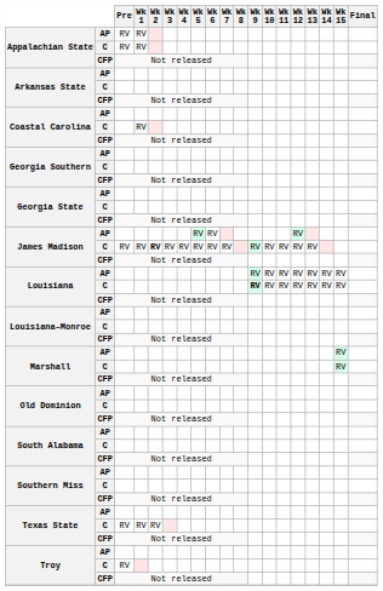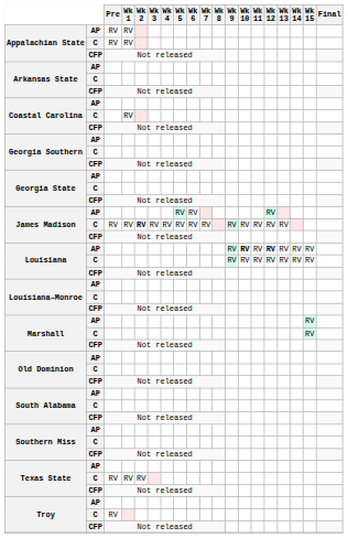 <table class="wikitable" style="white-space:nowrap;font-size:85%;">
 <tr>
 <th colspan=2 style="background:white; border-top-style:hidden; border-left-style:hidden;"> </th>
 <th>Pre</th>
 <th>Wk<br>1</th>
 <th>Wk<br>2</th>
 <th>Wk<br>3</th>
 <th>Wk<br>4</th>
 <th>Wk<br>5</th>
 <th>Wk<br>6</th>
 <th>Wk<br>7</th>
 <th>Wk<br>8</th>
 <th>Wk<br>9</th>
 <th>Wk<br>10</th>
 <th>Wk<br>11</th>
 <th>Wk<br>12</th>
 <th>Wk<br>13</th>
 <th>Wk<br>14</th>
 <th>Wk<br>15</th>
 <th>Final</th>
 </tr>
 <tr style="text-align:center;">
 <th rowspan="3">Appalachian State</th>
 <th>AP</th>
 <td style="background:#FFF;">RV</td>
 <td style="background:#FFF;">RV</td>
 <td style="background:#ffe6e6;"></td>
 <td style="background:#FFF;"></td>
 <td style="background:#FFF;"></td>
 <td style="background:#FFF;"></td>
 <td style="background:#FFF;"></td>
 <td style="background:#FFF;"></td>
 <td style="background:#FFF;"></td>
 <td style="background:#FFF;"></td>
 <td style="background:#FFF;"></td>
 <td style="background:#FFF;"></td>
 <td style="background:#FFF;"></td>
 <td style="background:#FFF;"></td>
 <td style="background:#FFF;"></td>
 <td style="background:#FFF;"></td>
 <td style="background:#FFF;"></td>
 </tr>
 <tr style="text-align:center;">
 <th>C</th>
 <td style="background:#FFF;">RV</td>
 <td style="background:#FFF;">RV</td>
 <td style="background:#ffe6e6;"></td>
 <td style="background:#FFF;"></td>
 <td style="background:#FFF;"></td>
 <td style="background:#FFF;"></td>
 <td style="background:#FFF;"></td>
 <td style="background:#FFF;"></td>
 <td style="background:#FFF;"></td>
 <td style="background:#FFF;"></td>
 <td style="background:#FFF;"></td>
 <td style="background:#FFF;"></td>
 <td style="background:#FFF;"></td>
 <td style="background:#FFF;"></td>
 <td style="background:#FFF;"></td>
 <td style="background:#FFF;"></td>
 <td style="background:#FFF;"></td>
 </tr>
 <tr style="text-align:center;">
 <th>CFP</th>
 <td colspan="9" style="text-align:center;">Not released</td>
 <td style="background:#FFF;"></td>
 <td style="background:#FFF;"></td>
 <td style="background:#FFF;"></td>
 <td style="background:#FFF;"></td>
 <td style="background:#FFF;"></td>
 <td style="background:#FFF;"></td>
 <td style="background:#FFF;"></td>
 <td style="text-align:center;"></td>
 </tr>
 <tr style="text-align:center;">
 <th rowspan="3">Arkansas State</th>
 <th>AP</th>
 <td style="background:#FFF;"></td>
 <td style="background:#FFF;"></td>
 <td style="background:#FFF;"></td>
 <td style="background:#FFF;"></td>
 <td style="background:#FFF;"></td>
 <td style="background:#FFF;"></td>
 <td style="background:#FFF;"></td>
 <td style="background:#FFF;"></td>
 <td style="background:#FFF;"></td>
 <td style="background:#FFF;"></td>
 <td style="background:#FFF;"></td>
 <td style="background:#FFF;"></td>
 <td style="background:#FFF;"></td>
 <td style="background:#FFF;"></td>
 <td style="background:#FFF;"></td>
 <td style="background:#FFF;"></td>
 <td style="background:#FFF;"></td>
 </tr>
 <tr style="text-align:center;">
 <th>C</th>
 <td style="background:#FFF;"></td>
 <td style="background:#FFF;"></td>
 <td style="background:#FFF;"></td>
 <td style="background:#FFF;"></td>
 <td style="background:#FFF;"></td>
 <td style="background:#FFF;"></td>
 <td style="background:#FFF;"></td>
 <td style="background:#FFF;"></td>
 <td style="background:#FFF;"></td>
 <td style="background:#FFF;"></td>
 <td style="background:#FFF;"></td>
 <td style="background:#FFF;"></td>
 <td style="background:#FFF;"></td>
 <td style="background:#FFF;"></td>
 <td style="background:#FFF;"></td>
 <td style="background:#FFF;"></td>
 <td style="background:#FFF;"></td>
 </tr>
 <tr style="text-align:center;">
 <th>CFP</th>
 <td colspan="9" style="text-align:center;">Not released</td>
 <td style="background:#FFF;"></td>
 <td style="background:#FFF;"></td>
 <td style="background:#FFF;"></td>
 <td style="background:#FFF;"></td>
 <td style="background:#FFF;"></td>
 <td style="background:#FFF;"></td>
 <td style="background:#FFF;"></td>
 <td style="text-align:center;"></td>
 </tr>
 <tr style="text-align:center;">
 <th rowspan="3">Coastal Carolina</th>
 <th>AP</th>
 <td style="background:#FFF;"></td>
 <td style="background:#FFF;"></td>
 <td style="background:#FFF;"></td>
 <td style="background:#FFF;"></td>
 <td style="background:#FFF;"></td>
 <td style="background:#FFF;"></td>
 <td style="background:#FFF;"></td>
 <td style="background:#FFF;"></td>
 <td style="background:#FFF;"></td>
 <td style="background:#FFF;"></td>
 <td style="background:#FFF;"></td>
 <td style="background:#FFF;"></td>
 <td style="background:#FFF;"></td>
 <td style="background:#FFF;"></td>
 <td style="background:#FFF;"></td>
 <td style="background:#FFF;"></td>
 <td style="background:#FFF;"></td>
 </tr>
 <tr style="text-align:center;">
 <th>C</th>
 <td style="background:#FFF;"></td>
 <td style="background:##FFFFE6;">RV</td>
 <td style="background:#ffe6e6;"></td>
 <td style="background:#FFF;"></td>
 <td style="background:#FFF;"></td>
 <td style="background:#FFF;"></td>
 <td style="background:#FFF;"></td>
 <td style="background:#FFF;"></td>
 <td style="background:#FFF;"></td>
 <td style="background:#FFF;"></td>
 <td style="background:#FFF;"></td>
 <td style="background:#FFF;"></td>
 <td style="background:#FFF;"></td>
 <td style="background:#FFF;"></td>
 <td style="background:#FFF;"></td>
 <td style="background:#FFF;"></td>
 <td style="background:#FFF;"></td>
 </tr>
 <tr style="text-align:center;">
 <th>CFP</th>
 <td colspan="9" style="text-align:center;">Not released</td>
 <td style="background:#FFF;"></td>
 <td style="background:#FFF;"></td>
 <td style="background:#FFF;"></td>
 <td style="background:#FFF;"></td>
 <td style="background:#FFF;"></td>
 <td style="background:#FFF;"></td>
 <td style="background:#FFF;"></td>
 <td style="text-align:center;"></td>
 </tr>
 <tr style="text-align:center;">
 <th rowspan="3">Georgia Southern</th>
 <th>AP</th>
 <td style="background:#FFF;"></td>
 <td style="background:#FFF;"></td>
 <td style="background:#FFF;"></td>
 <td style="background:#FFF;"></td>
 <td style="background:#FFF;"></td>
 <td style="background:#FFF;"></td>
 <td style="background:#FFF;"></td>
 <td style="background:#FFF;"></td>
 <td style="background:#FFF;"></td>
 <td style="background:#FFF;"></td>
 <td style="background:#FFF;"></td>
 <td style="background:#FFF;"></td>
 <td style="background:#FFF;"></td>
 <td style="background:#FFF;"></td>
 <td style="background:#FFF;"></td>
 <td style="background:#FFF;"></td>
 <td style="background:#FFF;"></td>
 </tr>
 <tr style="text-align:center;">
 <th>C</th>
 <td style="background:#FFF;"></td>
 <td style="background:#FFF;"></td>
 <td style="background:#FFF;"></td>
 <td style="background:#FFF;"></td>
 <td style="background:#FFF;"></td>
 <td style="background:#FFF;"></td>
 <td style="background:#FFF;"></td>
 <td style="background:#FFF;"></td>
 <td style="background:#FFF;"></td>
 <td style="background:#FFF;"></td>
 <td style="background:#FFF;"></td>
 <td style="background:#FFF;"></td>
 <td style="background:#FFF;"></td>
 <td style="background:#FFF;"></td>
 <td style="background:#FFF;"></td>
 <td style="background:#FFF;"></td>
 <td style="background:#FFF;"></td>
 </tr>
 <tr style="text-align:center;">
 <th>CFP</th>
 <td colspan="9" style="text-align:center;">Not released</td>
 <td style="background:#FFF;"></td>
 <td style="background:#FFF;"></td>
 <td style="background:#FFF;"></td>
 <td style="background:#FFF;"></td>
 <td style="background:#FFF;"></td>
 <td style="background:#FFF;"></td>
 <td style="background:#FFF;"></td>
 <td style="text-align:center;"></td>
 </tr>
 <tr style="text-align:center;">
 <th rowspan="3">Georgia State</th>
 <th>AP</th>
 <td style="background:#FFF;"></td>
 <td style="background:#FFF;"></td>
 <td style="background:#FFF;"></td>
 <td style="background:#FFF;"></td>
 <td style="background:#FFF;"></td>
 <td style="background:#FFF;"></td>
 <td style="background:#FFF;"></td>
 <td style="background:#FFF;"></td>
 <td style="background:#FFF;"></td>
 <td style="background:#FFF;"></td>
 <td style="background:#FFF;"></td>
 <td style="background:#FFF;"></td>
 <td style="background:#FFF;"></td>
 <td style="background:#FFF;"></td>
 <td style="background:#FFF;"></td>
 <td style="background:#FFF;"></td>
 <td style="background:#FFF;"></td>
 </tr>
 <tr style="text-align:center;">
 <th>C</th>
 <td style="background:#FFF;"></td>
 <td style="background:#FFF;"></td>
 <td style="background:#FFF;"></td>
 <td style="background:#FFF;"></td>
 <td style="background:#FFF;"></td>
 <td style="background:#FFF;"></td>
 <td style="background:#FFF;"></td>
 <td style="background:#FFF;"></td>
 <td style="background:#FFF;"></td>
 <td style="background:#FFF;"></td>
 <td style="background:#FFF;"></td>
 <td style="background:#FFF;"></td>
 <td style="background:#FFF;"></td>
 <td style="background:#FFF;"></td>
 <td style="background:#FFF;"></td>
 <td style="background:#FFF;"></td>
 <td style="background:#FFF;"></td>
 </tr>
 <tr style="text-align:center;">
 <th>CFP</th>
 <td colspan="9" style="text-align:center;">Not released</td>
 <td style="background:#FFF;"></td>
 <td style="background:#FFF;"></td>
 <td style="background:#FFF;"></td>
 <td style="background:#FFF;"></td>
 <td style="background:#FFF;"></td>
 <td style="background:#FFF;"></td>
 <td style="background:#FFF;"></td>
 <td style="text-align:center;"></td>
 </tr>
 <tr style="text-align:center;">
 <th rowspan="3">James Madison</th>
 <th>AP</th>
 <td style="background:#FFF;"></td>
 <td style="background:#FFF;"></td>
 <td style="background:#FFF;"></td>
 <td style="background:#FFF;"></td>
 <td style="background:#FFF;"></td>
 <td style="background:#d8ffeb;">RV</td>
 <td style="background:#FFF;">RV</td>
 <td style="background:#ffe6e6;"></td>
 <td style="background:#FFF;"></td>
 <td style="background:#FFF;"></td>
 <td style="background:#FFF;"></td>
 <td style="background:#FFF;"></td>
 <td style="background:#d8ffeb;">RV</td>
 <td style="background:#ffe6e6;"></td>
 <td style="background:#FFF;"></td>
 <td style="background:#FFF;"></td>
 <td style="background:#FFF;"></td>
 </tr>
 <tr style="text-align:center;">
 <th>C</th>
 <td style="background:#FFF;">RV</td>
 <td style="background:#FFF;">RV</td>
 <td style="background:#FFF;"><strong>RV</strong></td>
 <td style="background:#FFF;">RV</td>
 <td style="background:#FFF;">RV</td>
 <td style="background:#FFF;">RV</td>
 <td style="background:#FFF;">RV</td>
 <td style="background:#FFF;">RV</td>
 <td style="background:#ffe6e6;"></td>
 <td style="background:#d8ffeb;">RV</td>
 <td style="background:#FFF;">RV</td>
 <td style="background:#FFF;">RV</td>
 <td style="background:#FFF;">RV</td>
 <td style="background:#FFF;">RV</td>
 <td style="background:#ffe6e6;"></td>
 <td style="background:#FFF;"></td>
 <td style="background:#FFF;"></td>
 </tr>
 <tr style="text-align:center;">
 <th>CFP</th>
 <td colspan="9" style="text-align:center;">Not released</td>
 <td style="background:#FFF;"></td>
 <td style="background:#FFF;"></td>
 <td style="background:#FFF;"></td>
 <td style="background:#FFF;"></td>
 <td style="background:#FFF;"></td>
 <td style="background:#FFF;"></td>
 <td style="background:#FFF;"></td>
 <td style="text-align:center;"></td>
 </tr>
 <tr style="text-align:center;">
 <th rowspan="3">Louisiana</th>
 <th>AP</th>
 <td style="background:#FFF;"></td>
 <td style="background:#FFF;"></td>
 <td style="background:#FFF;"></td>
 <td style="background:#FFF;"></td>
 <td style="background:#FFF;"></td>
 <td style="background:#FFF;"></td>
 <td style="background:#FFF;"></td>
 <td style="background:#FFF;"></td>
 <td style="background:#FFF;"></td>
 <td style="background:#d8ffeb;">RV</td>
+<td style="background:#FFF;"><strong>RV</strong></td>
 <td style="background:#FFF;">RV</td>
-<td style="background:#FFF;">RV</td>
-<td style="background:#FFF;">RV</td>
+<td style="background:#FFF;"><strong>RV</strong></td>
 <td style="background:#FFF;">RV</td>
 <td style="background:#FFF;">RV</td>
 <td style="background:#FFF;">RV</td>
 <td style="background:#FFF;"></td>
 </tr>
 <tr style="text-align:center;">
 <th>C</th>
 <td style="background:#FFF;"></td>
 <td style="background:#FFF;"></td>
 <td style="background:#FFF;"></td>
 <td style="background:#FFF;"></td>
 <td style="background:#FFF;"></td>
 <td style="background:#FFF;"></td>
 <td style="background:#FFF;"></td>
 <td style="background:#FFF;"></td>
 <td style="background:#FFF;"></td>
-<td style="background:#d8ffeb;"><strong>RV</strong></td>
+<td style="background:#d8ffeb;">RV</td>
 <td style="background:#FFF;">RV</td>
 <td style="background:#FFF;">RV</td>
 <td style="background:#FFF;">RV</td>
 <td style="background:#FFF;">RV</td>
 <td style="background:#FFF;">RV</td>
 <td style="background:#FFF;">RV</td>
 <td style="background:#FFF;"></td>
 </tr>
 <tr style="text-align:center;">
 <th>CFP</th>
 <td colspan="9" style="text-align:center;">Not released</td>
 <td style="background:#FFF;"></td>
 <td style="background:#FFF;"></td>
 <td style="background:#FFF;"></td>
 <td style="background:#FFF;"></td>
 <td style="background:#FFF;"></td>
 <td style="background:#FFF;"></td>
 <td style="background:#FFF;"></td>
 <td style="text-align:center;"></td>
 </tr>
 <tr style="text-align:center;">
 <th rowspan="3">Louisiana–Monroe</th>
 <th>AP</th>
 <td style="background:#FFF;"></td>
 <td style="background:#FFF;"></td>
 <td style="background:#FFF;"></td>
 <td style="background:#FFF;"></td>
 <td style="background:#FFF;"></td>
 <td style="background:#FFF;"></td>
 <td style="background:#FFF;"></td>
 <td style="background:#FFF;"></td>
 <td style="background:#FFF;"></td>
 <td style="background:#FFF;"></td>
 <td style="background:#FFF;"></td>
 <td style="background:#FFF;"></td>
 <td style="background:#FFF;"></td>
 <td style="background:#FFF;"></td>
 <td style="background:#FFF;"></td>
 <td style="background:#FFF;"></td>
 <td style="background:#FFF;"></td>
 </tr>
 <tr style="text-align:center;">
 <th>C</th>
 <td style="background:#FFF;"></td>
 <td style="background:#FFF;"></td>
 <td style="background:#FFF;"></td>
 <td style="background:#FFF;"></td>
 <td style="background:#FFF;"></td>
 <td style="background:#FFF;"></td>
 <td style="background:#FFF;"></td>
 <td style="background:#FFF;"></td>
 <td style="background:#FFF;"></td>
 <td style="background:#FFF;"></td>
 <td style="background:#FFF;"></td>
 <td style="background:#FFF;"></td>
 <td style="background:#FFF;"></td>
 <td style="background:#FFF;"></td>
 <td style="background:#FFF;"></td>
 <td style="background:#FFF;"></td>
 <td style="background:#FFF;"></td>
 </tr>
 <tr style="text-align:center;">
 <th>CFP</th>
 <td colspan="9" style="text-align:center;">Not released</td>
 <td style="background:#FFF;"></td>
 <td style="background:#FFF;"></td>
 <td style="background:#FFF;"></td>
 <td style="background:#FFF;"></td>
 <td style="background:#FFF;"></td>
 <td style="background:#FFF;"></td>
 <td style="background:#FFF;"></td>
 <td style="text-align:center;"></td>
 </tr>
 <tr style="text-align:center;">
 <th rowspan="3">Marshall</th>
 <th>AP</th>
 <td style="background:#FFF;"></td>
 <td style="background:#FFF;"></td>
 <td style="background:#FFF;"></td>
 <td style="background:#FFF;"></td>
 <td style="background:#FFF;"></td>
 <td style="background:#FFF;"></td>
 <td style="background:#FFF;"></td>
 <td style="background:#FFF;"></td>
 <td style="background:#FFF;"></td>
 <td style="background:#FFF;"></td>
 <td style="background:#FFF;"></td>
 <td style="background:#FFF;"></td>
 <td style="background:#FFF;"></td>
 <td style="background:#FFF;"></td>
 <td style="background:#FFF;"></td>
 <td style="background:#d8ffeb;">RV</td>
 <td style="background:#FFF;"></td>
 </tr>
 <tr style="text-align:center;">
 <th>C</th>
 <td style="background:#FFF;"></td>
 <td style="background:#FFF;"></td>
 <td style="background:#FFF;"></td>
 <td style="background:#FFF;"></td>
 <td style="background:#FFF;"></td>
 <td style="background:#FFF;"></td>
 <td style="background:#FFF;"></td>
 <td style="background:#FFF;"></td>
 <td style="background:#FFF;"></td>
 <td style="background:#FFF;"></td>
 <td style="background:#FFF;"></td>
 <td style="background:#FFF;"></td>
 <td style="background:#FFF;"></td>
 <td style="background:#FFF;"></td>
 <td style="background:#FFF;"></td>
 <td style="background:#d8ffeb;">RV</td>
 <td style="background:#FFF;"></td>
 </tr>
 <tr style="text-align:center;">
 <th>CFP</th>
 <td colspan="9" style="text-align:center;">Not released</td>
 <td style="background:#FFF;"></td>
 <td style="background:#FFF;"></td>
 <td style="background:#FFF;"></td>
 <td style="background:#FFF;"></td>
 <td style="background:#FFF;"></td>
 <td style="background:#FFF;"></td>
 <td style="background:#FFF;"></td>
 <td style="text-align:center;"></td>
 </tr>
 <tr style="text-align:center;">
 <th rowspan="3">Old Dominion</th>
 <th>AP</th>
 <td style="background:#FFF;"></td>
 <td style="background:#FFF;"></td>
 <td style="background:#FFF;"></td>
 <td style="background:#FFF;"></td>
 <td style="background:#FFF;"></td>
 <td style="background:#FFF;"></td>
 <td style="background:#FFF;"></td>
 <td style="background:#FFF;"></td>
 <td style="background:#FFF;"></td>
 <td style="background:#FFF;"></td>
 <td style="background:#FFF;"></td>
 <td style="background:#FFF;"></td>
 <td style="background:#FFF;"></td>
 <td style="background:#FFF;"></td>
 <td style="background:#FFF;"></td>
 <td style="background:#FFF;"></td>
 <td style="background:#FFF;"></td>
 </tr>
 <tr style="text-align:center;">
 <th>C</th>
 <td style="background:#FFF;"></td>
 <td style="background:#FFF;"></td>
 <td style="background:#FFF;"></td>
 <td style="background:#FFF;"></td>
 <td style="background:#FFF;"></td>
 <td style="background:#FFF;"></td>
 <td style="background:#FFF;"></td>
 <td style="background:#FFF;"></td>
 <td style="background:#FFF;"></td>
 <td style="background:#FFF;"></td>
 <td style="background:#FFF;"></td>
 <td style="background:#FFF;"></td>
 <td style="background:#FFF;"></td>
 <td style="background:#FFF;"></td>
 <td style="background:#FFF;"></td>
 <td style="background:#FFF;"></td>
 <td style="background:#FFF;"></td>
 </tr>
 <tr style="text-align:center;">
 <th>CFP</th>
 <td colspan="9" style="text-align:center;">Not released</td>
 <td style="background:#FFF;"></td>
 <td style="background:#FFF;"></td>
 <td style="background:#FFF;"></td>
 <td style="background:#FFF;"></td>
 <td style="background:#FFF;"></td>
 <td style="background:#FFF;"></td>
 <td style="background:#FFF;"></td>
 <td style="text-align:center;"></td>
 </tr>
 <tr style="text-align:center;">
 <th rowspan="3">South Alabama</th>
 <th>AP</th>
 <td style="background:#FFF;"></td>
 <td style="background:#FFF;"></td>
 <td style="background:#FFF;"></td>
 <td style="background:#FFF;"></td>
 <td style="background:#FFF;"></td>
 <td style="background:#FFF;"></td>
 <td style="background:#FFF;"></td>
 <td style="background:#FFF;"></td>
 <td style="background:#FFF;"></td>
 <td style="background:#FFF;"></td>
 <td style="background:#FFF;"></td>
 <td style="background:#FFF;"></td>
 <td style="background:#FFF;"></td>
 <td style="background:#FFF;"></td>
 <td style="background:#FFF;"></td>
 <td style="background:#FFF;"></td>
 <td style="background:#FFF;"></td>
 </tr>
 <tr style="text-align:center;">
 <th>C</th>
 <td style="background:#FFF;"></td>
 <td style="background:#FFF;"></td>
 <td style="background:#FFF;"></td>
 <td style="background:#FFF;"></td>
 <td style="background:#FFF;"></td>
 <td style="background:#FFF;"></td>
 <td style="background:#FFF;"></td>
 <td style="background:#FFF;"></td>
 <td style="background:#FFF;"></td>
 <td style="background:#FFF;"></td>
 <td style="background:#FFF;"></td>
 <td style="background:#FFF;"></td>
 <td style="background:#FFF;"></td>
 <td style="background:#FFF;"></td>
 <td style="background:#FFF;"></td>
 <td style="background:#FFF;"></td>
 <td style="background:#FFF;"></td>
 </tr>
 <tr style="text-align:center;">
 <th>CFP</th>
 <td colspan="9" style="text-align:center;">Not released</td>
 <td style="background:#FFF;"></td>
 <td style="background:#FFF;"></td>
 <td style="background:#FFF;"></td>
 <td style="background:#FFF;"></td>
 <td style="background:#FFF;"></td>
 <td style="background:#FFF;"></td>
 <td style="background:#FFF;"></td>
 <td style="text-align:center;"></td>
 </tr>
 <tr style="text-align:center;">
 <th rowspan="3">Southern Miss</th>
 <th>AP</th>
 <td style="background:#FFF;"></td>
 <td style="background:#FFF;"></td>
 <td style="background:#FFF;"></td>
 <td style="background:#FFF;"></td>
 <td style="background:#FFF;"></td>
 <td style="background:#FFF;"></td>
 <td style="background:#FFF;"></td>
 <td style="background:#FFF;"></td>
 <td style="background:#FFF;"></td>
 <td style="background:#FFF;"></td>
 <td style="background:#FFF;"></td>
 <td style="background:#FFF;"></td>
 <td style="background:#FFF;"></td>
 <td style="background:#FFF;"></td>
 <td style="background:#FFF;"></td>
 <td style="background:#FFF;"></td>
 <td style="background:#FFF;"></td>
 </tr>
 <tr style="text-align:center;">
 <th>C</th>
 <td style="background:#FFF;"></td>
 <td style="background:#FFF;"></td>
 <td style="background:#FFF;"></td>
 <td style="background:#FFF;"></td>
 <td style="background:#FFF;"></td>
 <td style="background:#FFF;"></td>
 <td style="background:#FFF;"></td>
 <td style="background:#FFF;"></td>
 <td style="background:#FFF;"></td>
 <td style="background:#FFF;"></td>
 <td style="background:#FFF;"></td>
 <td style="background:#FFF;"></td>
 <td style="background:#FFF;"></td>
 <td style="background:#FFF;"></td>
 <td style="background:#FFF;"></td>
 <td style="background:#FFF;"></td>
 <td style="background:#FFF;"></td>
 </tr>
 <tr style="text-align:center;">
 <th>CFP</th>
 <td colspan="9" style="text-align:center;">Not released</td>
 <td style="background:#FFF;"></td>
 <td style="background:#FFF;"></td>
 <td style="background:#FFF;"></td>
 <td style="background:#FFF;"></td>
 <td style="background:#FFF;"></td>
 <td style="background:#FFF;"></td>
 <td style="background:#FFF;"></td>
 <td style="text-align:center;"></td>
 </tr>
 <tr style="text-align:center;">
 <th rowspan="3">Texas State</th>
 <th>AP</th>
 <td style="background:#FFF;"></td>
 <td style="background:#FFF;"></td>
 <td style="background:#FFF;"></td>
 <td style="background:#FFF;"></td>
 <td style="background:#FFF;"></td>
 <td style="background:#FFF;"></td>
 <td style="background:#FFF;"></td>
 <td style="background:#FFF;"></td>
 <td style="background:#FFF;"></td>
 <td style="background:#FFF;"></td>
 <td style="background:#FFF;"></td>
 <td style="background:#FFF;"></td>
 <td style="background:#FFF;"></td>
 <td style="background:#FFF;"></td>
 <td style="background:#FFF;"></td>
 <td style="background:#FFF;"></td>
 <td style="background:#FFF;"></td>
 </tr>
 <tr style="text-align:center;">
 <th>C</th>
 <td style="background:#FFF;">RV</td>
 <td style="background:#FFF;">RV</td>
 <td style="background:#FFF;">RV</td>
 <td style="background:#ffe6e6;"></td>
 <td style="background:#FFF;"></td>
 <td style="background:#FFF;"></td>
 <td style="background:#FFF;"></td>
 <td style="background:#FFF;"></td>
 <td style="background:#FFF;"></td>
 <td style="background:#FFF;"></td>
 <td style="background:#FFF;"></td>
 <td style="background:#FFF;"></td>
 <td style="background:#FFF;"></td>
 <td style="background:#FFF;"></td>
 <td style="background:#FFF;"></td>
 <td style="background:#FFF;"></td>
 <td style="background:#FFF;"></td>
 </tr>
 <tr style="text-align:center;">
 <th>CFP</th>
 <td colspan="9" style="text-align:center;">Not released</td>
 <td style="background:#FFF;"></td>
 <td style="background:#FFF;"></td>
 <td style="background:#FFF;"></td>
 <td style="background:#FFF;"></td>
 <td style="background:#FFF;"></td>
 <td style="background:#FFF;"></td>
 <td style="background:#FFF;"></td>
 <td style="text-align:center;"></td>
 </tr>
 <tr style="text-align:center;">
 <th rowspan="3">Troy</th>
 <th>AP</th>
 <td style="background:#FFF;"></td>
 <td style="background:#FFF;"></td>
 <td style="background:#FFF;"></td>
 <td style="background:#FFF;"></td>
 <td style="background:#FFF;"></td>
 <td style="background:#FFF;"></td>
 <td style="background:#FFF;"></td>
 <td style="background:#FFF;"></td>
 <td style="background:#FFF;"></td>
 <td style="background:#FFF;"></td>
 <td style="background:#FFF;"></td>
 <td style="background:#FFF;"></td>
 <td style="background:#FFF;"></td>
 <td style="background:#FFF;"></td>
 <td style="background:#FFF;"></td>
 <td style="background:#FFF;"></td>
 <td style="background:#FFF;"></td>
 </tr>
 <tr style="text-align:center;">
 <th>C</th>
 <td style="background:#FFF;">RV</td>
 <td style="background:#ffe6e6;"></td>
 <td style="background:#FFF;"></td>
 <td style="background:#FFF;"></td>
 <td style="background:#FFF;"></td>
 <td style="background:#FFF;"></td>
 <td style="background:#FFF;"></td>
 <td style="background:#FFF;"></td>
 <td style="background:#FFF;"></td>
 <td style="background:#FFF;"></td>
 <td style="background:#FFF;"></td>
 <td style="background:#FFF;"></td>
 <td style="background:#FFF;"></td>
 <td style="background:#FFF;"></td>
 <td style="background:#FFF;"></td>
 <td style="background:#FFF;"></td>
 <td style="background:#FFF;"></td>
 </tr>
 <tr style="text-align:center;">
 <th>CFP</th>
 <td colspan="9" style="text-align:center;">Not released</td>
 <td style="background:#FFF;"></td>
 <td style="background:#FFF;"></td>
 <td style="background:#FFF;"></td>
 <td style="background:#FFF;"></td>
 <td style="background:#FFF;"></td>
 <td style="background:#FFF;"></td>
 <td style="background:#FFF;"></td>
 <td style="text-align:center;"></td>
 </tr>
 <tr style="text-align:center;">
 </tr>
 </table>
